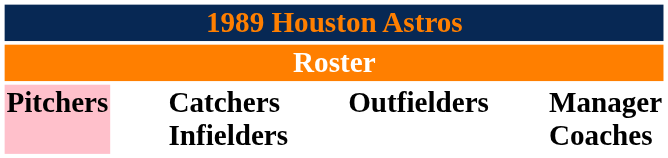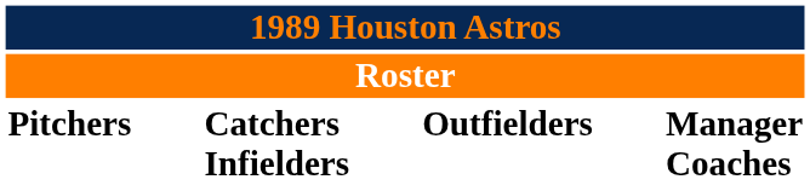 <table class="toccolours" style="text-align: left;">
 <tr>
 <th colspan="10" style="background-color: #072854; color: #FF7F00; text-align: center;">1989 Houston Astros</th>
 </tr>
 <tr>
 <td colspan="10" style="background-color: #FF7F00; color: white; text-align: center;"><strong>Roster</strong></td>
 </tr>
 <tr>
-<td valign="top" style="background: pink;"><strong>Pitchers</strong><br>              </td>
+<td valign="top"><strong>Pitchers</strong><br>              </td>
 <td width="25px"></td>
 <td valign="top"><strong>Catchers</strong><br>    <strong>Infielders</strong>         </td>
 <td width="25px"></td>
 <td valign="top"><strong>Outfielders</strong><br>        </td>
 <td width="25px"></td>
 <td valign="top"><strong>Manager</strong><br> <strong>Coaches</strong>      </td>
 </tr>
 </table>
